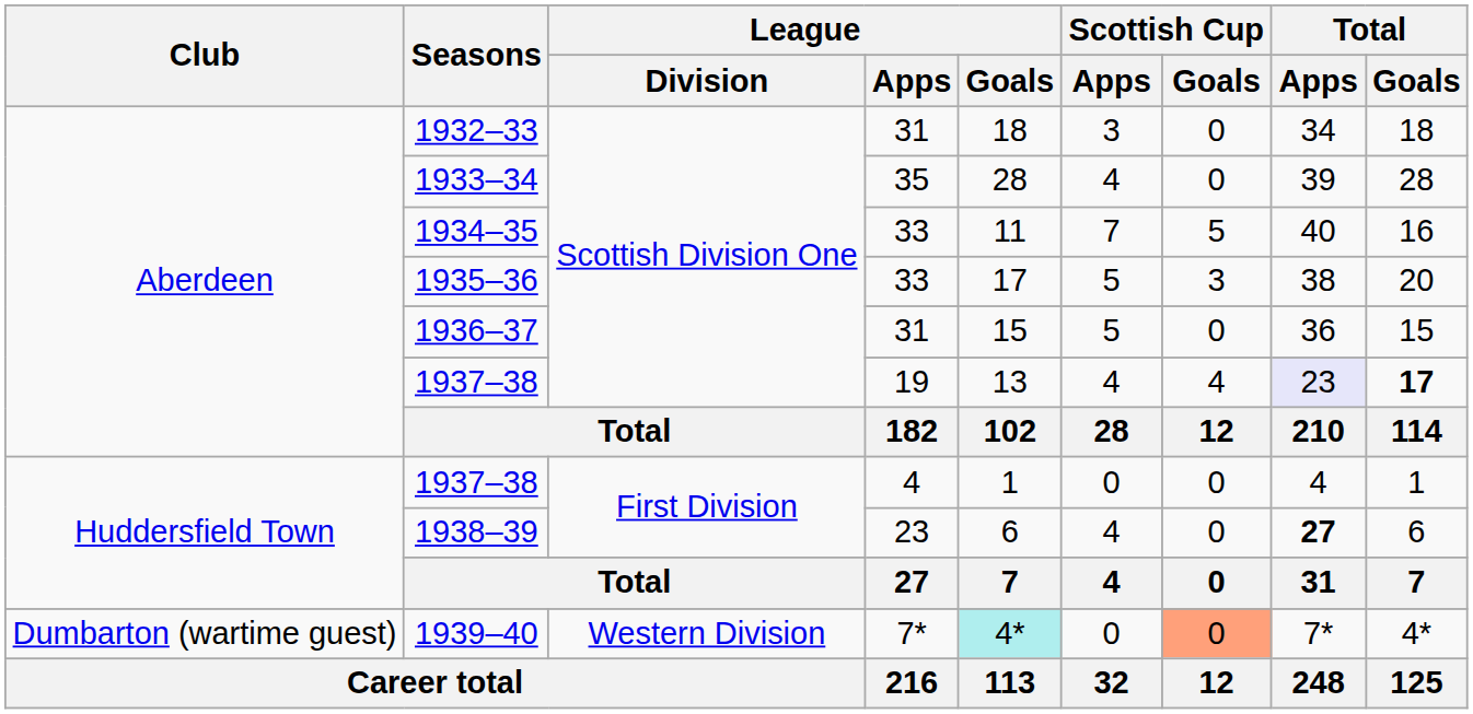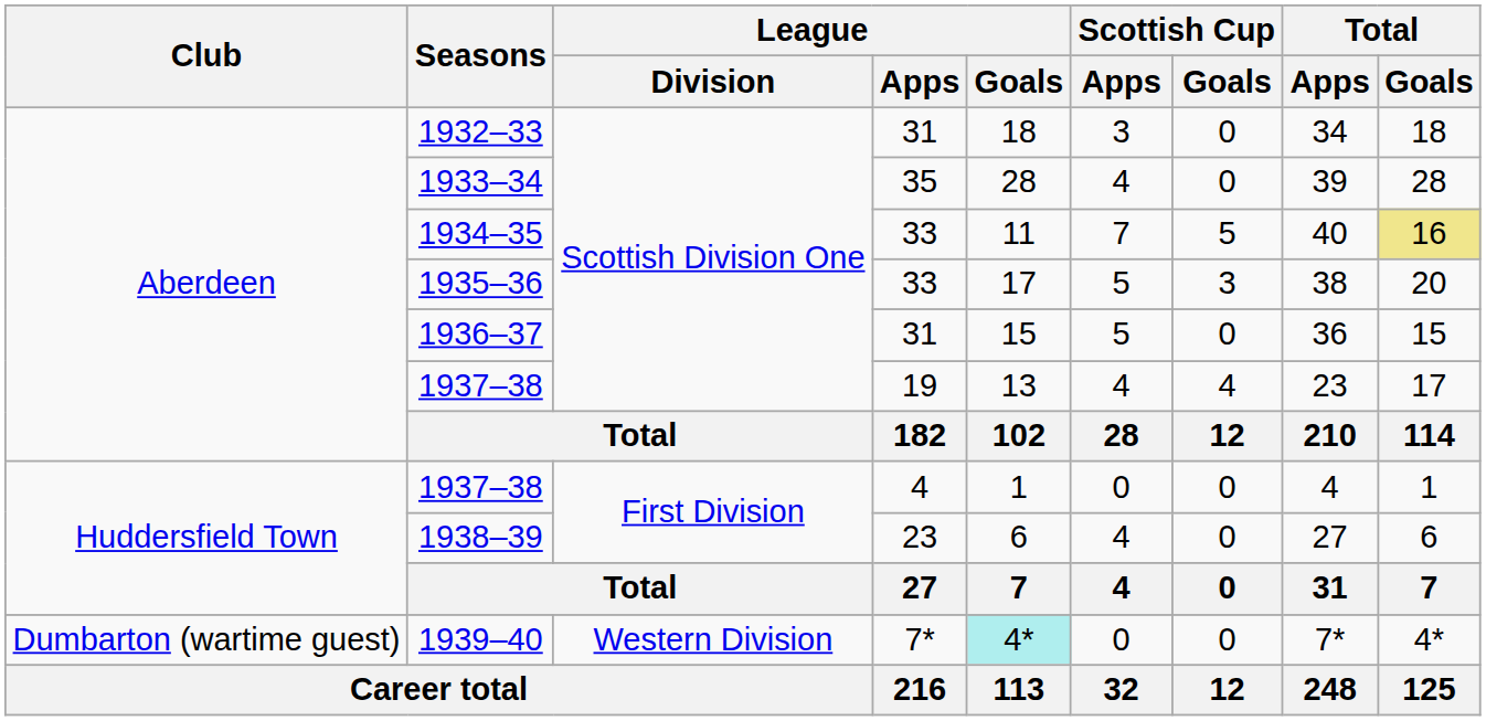 <table class="wikitable" style="text-align:center">
 <tr>
 <th rowspan="2">Club</th>
 <th rowspan="2">Seasons</th>
 <th colspan="3">League</th>
 <th colspan="2">Scottish Cup</th>
 <th colspan="2">Total</th>
 </tr>
 <tr>
 <th>Division</th>
 <th>Apps</th>
 <th>Goals</th>
 <th>Apps</th>
 <th>Goals</th>
 <th>Apps</th>
 <th>Goals</th>
 </tr>
 <tr>
 <td rowspan="7"><a href='#'>Aberdeen</a></td>
 <td><a href='#'>1932–33</a></td>
 <td rowspan="6"><a href='#'>Scottish Division One</a></td>
 <td>31</td>
 <td>18</td>
 <td>3</td>
 <td>0</td>
 <td>34</td>
 <td>18</td>
 </tr>
 <tr>
 <td><a href='#'>1933–34</a></td>
 <td>35</td>
 <td>28</td>
 <td>4</td>
 <td>0</td>
 <td>39</td>
 <td>28</td>
 </tr>
 <tr>
 <td><a href='#'>1934–35</a></td>
 <td>33</td>
 <td>11</td>
 <td>7</td>
 <td>5</td>
 <td>40</td>
-<td>16</td>
+<td style="background: khaki;">16</td>
 </tr>
 <tr>
 <td><a href='#'>1935–36</a></td>
 <td>33</td>
 <td>17</td>
 <td>5</td>
 <td>3</td>
 <td>38</td>
 <td>20</td>
 </tr>
 <tr>
 <td><a href='#'>1936–37</a></td>
 <td>31</td>
 <td>15</td>
 <td>5</td>
 <td>0</td>
 <td>36</td>
 <td>15</td>
 </tr>
 <tr>
 <td><a href='#'>1937–38</a></td>
 <td>19</td>
 <td>13</td>
 <td>4</td>
 <td>4</td>
-<td style="background: lavender;">23</td>
-<td><strong>17</strong></td>
+<td>23</td>
+<td>17</td>
 </tr>
 <tr>
 <th colspan="2">Total</th>
 <th>182</th>
 <th>102</th>
 <th>28</th>
 <th>12</th>
 <th>210</th>
 <th>114</th>
 </tr>
 <tr>
 <td rowspan="3"><a href='#'>Huddersfield Town</a></td>
 <td><a href='#'>1937–38</a></td>
 <td rowspan="2"><a href='#'>First Division</a></td>
 <td>4</td>
 <td>1</td>
 <td>0</td>
 <td>0</td>
 <td>4</td>
 <td>1</td>
 </tr>
 <tr>
 <td><a href='#'>1938–39</a></td>
 <td>23</td>
 <td>6</td>
 <td>4</td>
 <td>0</td>
-<td><strong>27</strong></td>
+<td>27</td>
 <td>6</td>
 </tr>
 <tr>
 <th colspan="2">Total</th>
 <th>27</th>
 <th>7</th>
 <th>4</th>
 <th>0</th>
 <th>31</th>
 <th>7</th>
 </tr>
 <tr>
 <td><a href='#'>Dumbarton</a> (wartime guest)</td>
 <td><a href='#'>1939–40</a></td>
 <td><a href='#'>Western Division</a></td>
 <td>7*</td>
 <td style="background: paleturquoise;">4*</td>
 <td>0</td>
-<td style="background: lightsalmon;">0</td>
+<td>0</td>
 <td>7*</td>
 <td>4*</td>
 </tr>
 <tr>
 <th colspan="3">Career total</th>
 <th>216</th>
 <th>113</th>
 <th>32</th>
 <th>12</th>
 <th>248</th>
 <th>125</th>
 </tr>
 </table>
